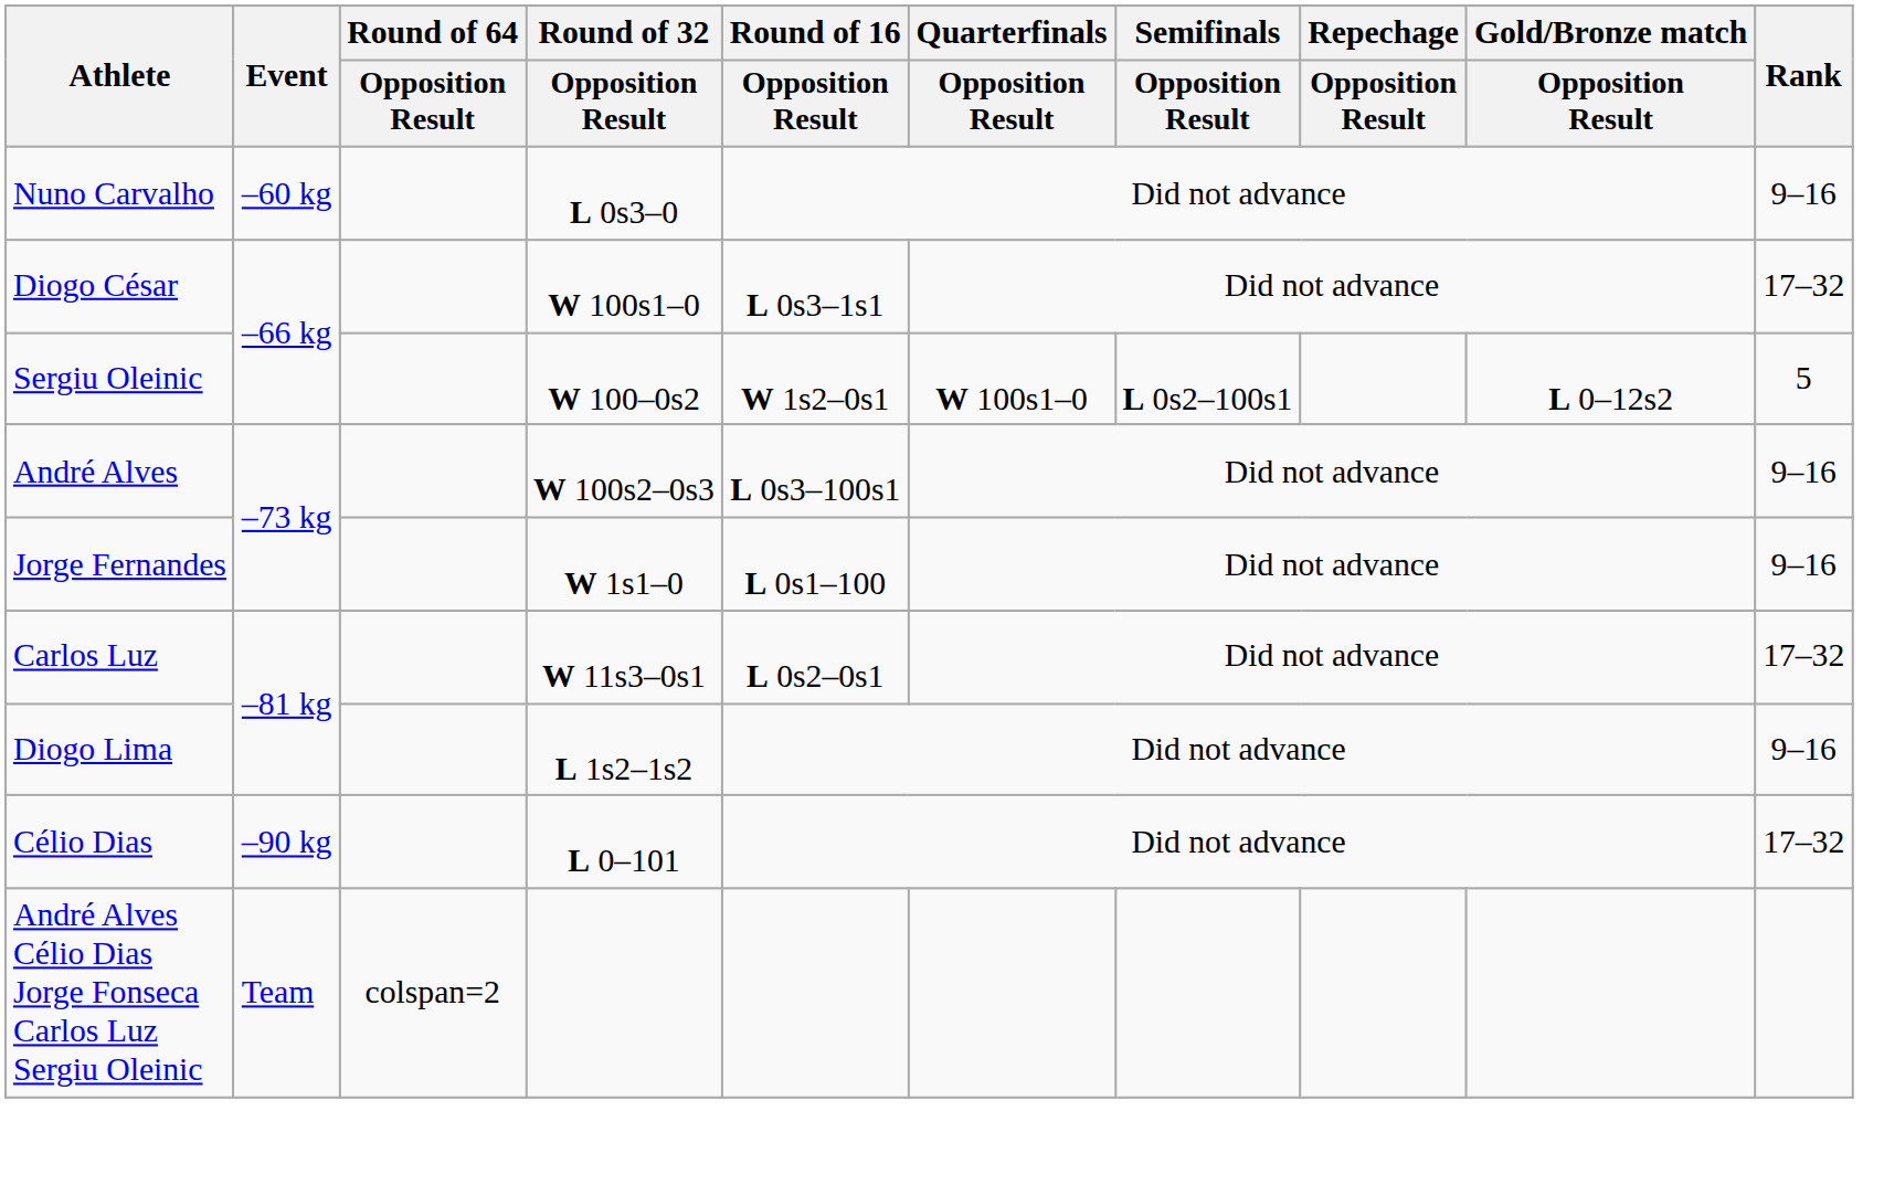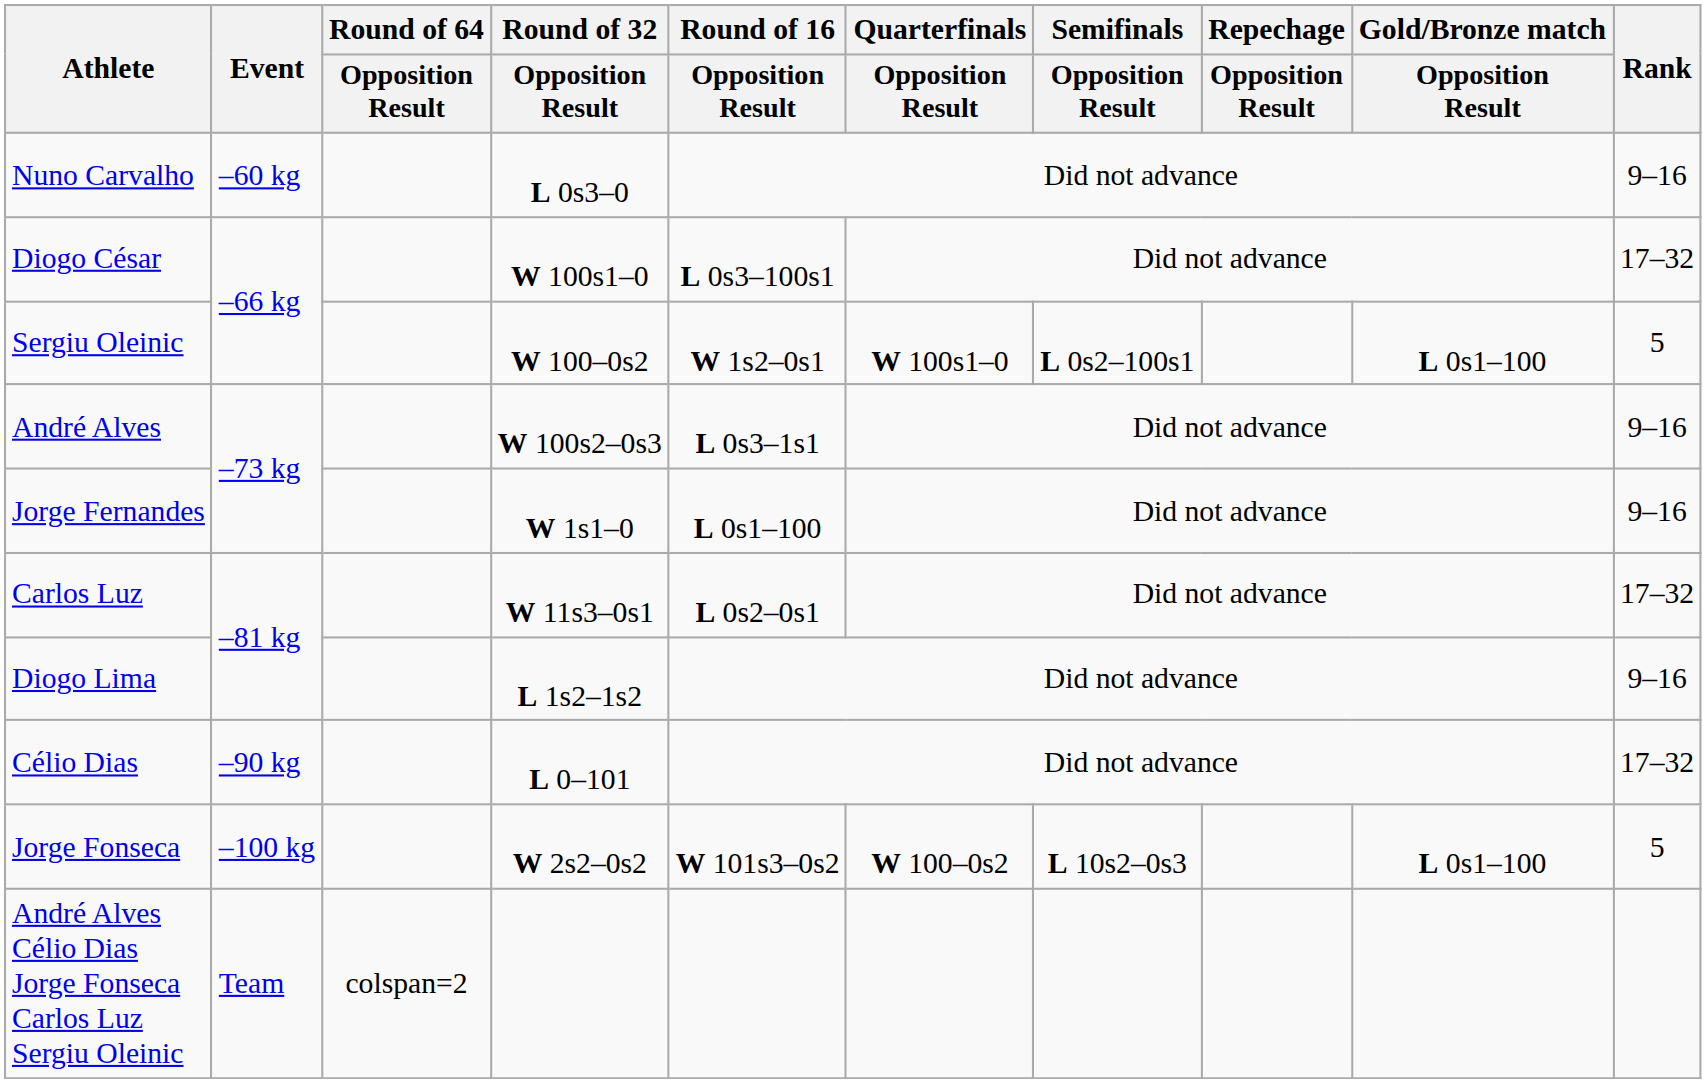 <table class=wikitable style="font-size:90%; text-align:center;">
 <tr>
 <th rowspan=2>Athlete</th>
 <th rowspan=2>Event</th>
 <th>Round of 64</th>
 <th>Round of 32</th>
 <th>Round of 16</th>
 <th>Quarterfinals</th>
 <th>Semifinals</th>
 <th>Repechage</th>
 <th>Gold/Bronze match</th>
 <th rowspan=2>Rank</th>
 </tr>
 <tr style="font-size:95%;">
 <th>Opposition<br>Result</th>
 <th>Opposition<br>Result</th>
 <th>Opposition<br>Result</th>
 <th>Opposition<br>Result</th>
 <th>Opposition<br>Result</th>
 <th>Opposition<br>Result</th>
 <th>Opposition<br>Result</th>
 </tr>
 <tr>
 <td align=left><a href='#'>Nuno Carvalho</a></td>
 <td align=left><a href='#'>–60 kg</a></td>
 <td></td>
 <td><br><strong>L</strong> 0s3–0</td>
 <td colspan=5>Did not advance</td>
 <td>9–16</td>
 </tr>
 <tr>
 <td align=left><a href='#'>Diogo César</a></td>
 <td align=left rowspan=2><a href='#'>–66 kg</a></td>
 <td></td>
 <td><br><strong>W</strong> 100s1–0</td>
-<td><br><strong>L</strong> 0s3–1s1</td>
+<td><br><strong>L</strong> 0s3–100s1</td>
 <td colspan=4>Did not advance</td>
 <td>17–32</td>
 </tr>
 <tr>
 <td align=left><a href='#'>Sergiu Oleinic</a></td>
 <td></td>
 <td><br><strong>W</strong> 100–0s2</td>
 <td><br><strong>W</strong> 1s2–0s1</td>
 <td><br><strong>W</strong> 100s1–0</td>
 <td><br><strong>L</strong> 0s2–100s1</td>
 <td></td>
-<td><br><strong>L</strong> 0–12s2</td>
+<td><br><strong>L</strong> 0s1–100</td>
 <td>5</td>
 </tr>
 <tr>
 <td align=left><a href='#'>André Alves</a></td>
 <td align=left rowspan=2><a href='#'>–73 kg</a></td>
 <td></td>
 <td><br><strong>W</strong> 100s2–0s3</td>
-<td><br><strong>L</strong> 0s3–100s1</td>
+<td><br><strong>L</strong> 0s3–1s1</td>
 <td colspan=4>Did not advance</td>
 <td>9–16</td>
 </tr>
 <tr>
 <td align=left><a href='#'>Jorge Fernandes</a></td>
 <td></td>
 <td><br><strong>W</strong> 1s1–0</td>
 <td><br><strong>L</strong> 0s1–100</td>
 <td colspan=4>Did not advance</td>
 <td>9–16</td>
 </tr>
 <tr>
 <td align=left><a href='#'>Carlos Luz</a></td>
 <td align=left rowspan=2><a href='#'>–81 kg</a></td>
 <td></td>
 <td><br><strong>W</strong> 11s3–0s1</td>
 <td><br><strong>L</strong> 0s2–0s1</td>
 <td colspan=4>Did not advance</td>
 <td>17–32</td>
 </tr>
 <tr>
 <td align=left><a href='#'>Diogo Lima</a></td>
 <td></td>
 <td><br><strong>L</strong> 1s2–1s2</td>
 <td colspan=5>Did not advance</td>
 <td>9–16</td>
 </tr>
 <tr>
 <td align=left><a href='#'>Célio Dias</a></td>
 <td align=left><a href='#'>–90 kg</a></td>
 <td></td>
 <td><br><strong>L</strong> 0–101</td>
 <td colspan=5>Did not advance</td>
 <td>17–32</td>
 </tr>
 <tr>
+<td align=left><a href='#'>Jorge Fonseca</a></td>
+<td align=left><a href='#'>–100 kg</a></td>
+<td></td>
+<td><br><strong>W</strong> 2s2–0s2</td>
+<td><br><strong>W</strong> 101s3–0s2</td>
+<td><br><strong>W</strong> 100–0s2</td>
+<td><br><strong>L</strong> 10s2–0s3</td>
+<td></td>
+<td><br><strong>L</strong> 0s1–100</td>
+<td>5</td>
+</tr>
+<tr>
 <td align=left><a href='#'>André Alves</a><br><a href='#'>Célio Dias</a><br><a href='#'>Jorge Fonseca</a><br><a href='#'>Carlos Luz</a><br><a href='#'>Sergiu Oleinic</a></td>
 <td align=left><a href='#'>Team</a></td>
 <td>colspan=2 </td>
 <td></td>
 <td><br></td>
 <td></td>
 <td></td>
 <td></td>
 <td></td>
 </tr>
 </table>
